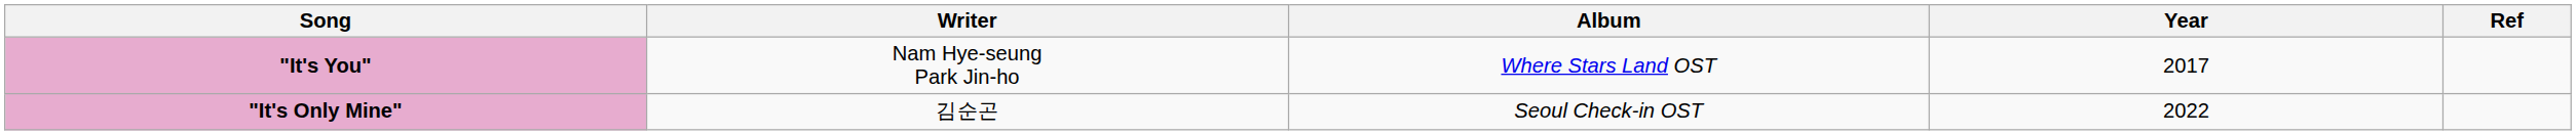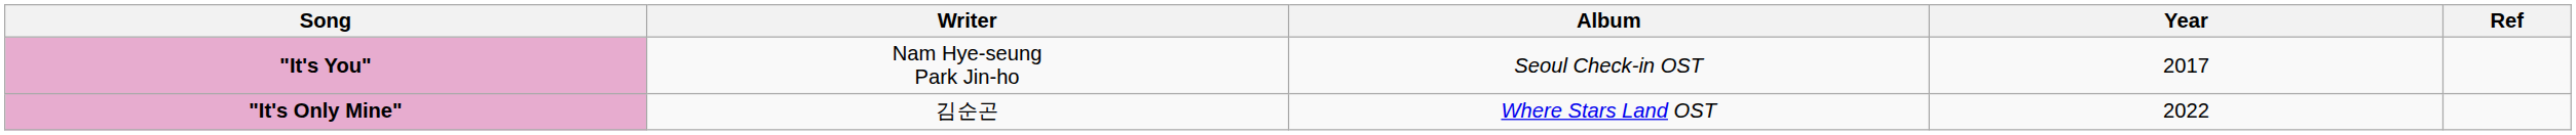 <table class="wikitable" style="text-align:center; width:100%">
 <tr>
 <th style="width:25%">Song</th>
 <th style="width:25%">Writer</th>
 <th style="width:25%">Album</th>
 <th style="width:20%">Year</th>
 <th style="width:5%">Ref</th>
 </tr>
 <tr>
 <th scope="row" style="background-color:#E7ACCF">"It's You"   </th>
 <td>Nam Hye-seung<br>Park Jin-ho</td>
-<td><em><a href='#'>Where Stars Land</a> OST</em></td>
+<td><em>Seoul Check-in OST</em></td>
 <td>2017</td>
 <td></td>
 </tr>
 <tr>
 <th scope="row" style="background-color:#E7ACCF">"It's Only Mine"   </th>
 <td>김순곤</td>
-<td><em>Seoul Check-in OST</em></td>
+<td><em><a href='#'>Where Stars Land</a> OST</em></td>
 <td>2022</td>
 <td></td>
 </tr>
 </table>
